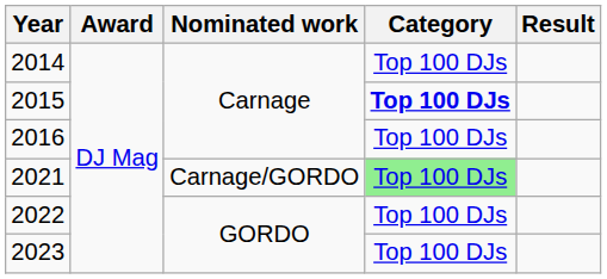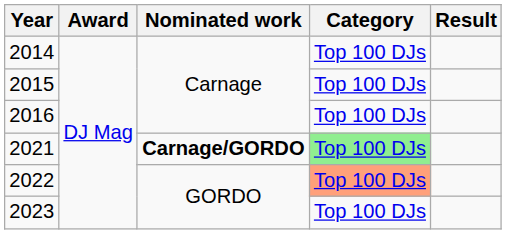 <table class="wikitable plainrowheaders" style="text-align:center;">
 <tr>
 <th>Year</th>
 <th>Award</th>
 <th>Nominated work</th>
 <th>Category</th>
 <th>Result</th>
 </tr>
 <tr>
 <td rowspan="1">2014</td>
 <td rowspan="6"><a href='#'>DJ Mag</a></td>
 <td rowspan="3">Carnage</td>
 <td><a href='#'>Top 100 DJs</a></td>
 <td></td>
 </tr>
 <tr>
 <td rowspan="1">2015</td>
-<td><strong><a href='#'>Top 100 DJs</a></strong></td>
+<td><a href='#'>Top 100 DJs</a></td>
 <td></td>
 </tr>
 <tr>
 <td rowspan="1">2016</td>
 <td><a href='#'>Top 100 DJs</a></td>
 <td></td>
 </tr>
 <tr>
 <td>2021</td>
-<td>Carnage/GORDO</td>
+<td><strong>Carnage/GORDO</strong></td>
 <td style="background: lightgreen;"><a href='#'>Top 100 DJs</a></td>
 <td></td>
 </tr>
 <tr>
 <td>2022</td>
 <td rowspan="2">GORDO</td>
-<td><a href='#'>Top 100 DJs</a></td>
+<td style="background: lightsalmon;"><a href='#'>Top 100 DJs</a></td>
 <td></td>
 </tr>
 <tr>
 <td>2023</td>
 <td><a href='#'>Top 100 DJs</a></td>
 <td></td>
 </tr>
 </table>
